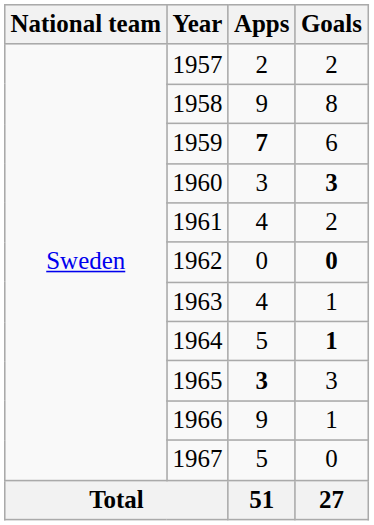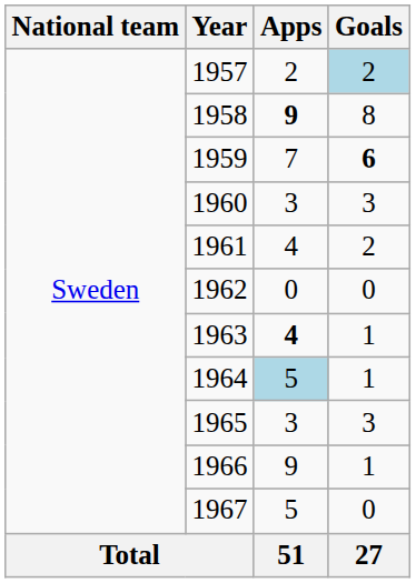 <table class="wikitable" style="text-align:center">
 <tr>
 <th>National team</th>
 <th>Year</th>
 <th>Apps</th>
 <th>Goals</th>
 </tr>
 <tr>
 <td rowspan="11"><a href='#'>Sweden</a></td>
 <td>1957</td>
 <td>2</td>
-<td>2</td>
+<td style="background: lightblue;">2</td>
 </tr>
 <tr>
 <td>1958</td>
-<td>9</td>
+<td><strong>9</strong></td>
 <td>8</td>
 </tr>
 <tr>
 <td>1959</td>
-<td><strong>7</strong></td>
-<td>6</td>
+<td>7</td>
+<td><strong>6</strong></td>
 </tr>
 <tr>
 <td>1960</td>
 <td>3</td>
-<td><strong>3</strong></td>
+<td>3</td>
 </tr>
 <tr>
 <td>1961</td>
 <td>4</td>
 <td>2</td>
 </tr>
 <tr>
 <td>1962</td>
 <td>0</td>
-<td><strong>0</strong></td>
+<td>0</td>
 </tr>
 <tr>
 <td>1963</td>
-<td>4</td>
+<td><strong>4</strong></td>
 <td>1</td>
 </tr>
 <tr>
 <td>1964</td>
-<td>5</td>
-<td><strong>1</strong></td>
+<td style="background: lightblue;">5</td>
+<td>1</td>
 </tr>
 <tr>
 <td>1965</td>
-<td><strong>3</strong></td>
+<td>3</td>
 <td>3</td>
 </tr>
 <tr>
 <td>1966</td>
 <td>9</td>
 <td>1</td>
 </tr>
 <tr>
 <td>1967</td>
 <td>5</td>
 <td>0</td>
 </tr>
 <tr>
 <th colspan="2">Total</th>
 <th>51</th>
 <th>27</th>
 </tr>
 </table>
